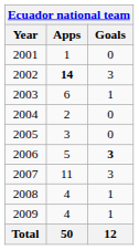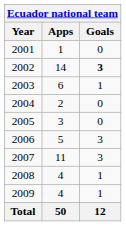 <table class="wikitable" style="text-align:center">
 <tr>
 <th colspan=3><a href='#'>Ecuador national team</a></th>
 </tr>
 <tr>
 <th>Year</th>
 <th>Apps</th>
 <th>Goals</th>
 </tr>
 <tr>
 <td>2001</td>
 <td>1</td>
 <td>0</td>
 </tr>
 <tr>
 <td>2002</td>
-<td><strong>14</strong></td>
-<td>3</td>
+<td>14</td>
+<td><strong>3</strong></td>
 </tr>
 <tr>
 <td>2003</td>
 <td>6</td>
 <td>1</td>
 </tr>
 <tr>
 <td>2004</td>
 <td>2</td>
 <td>0</td>
 </tr>
 <tr>
 <td>2005</td>
 <td>3</td>
 <td>0</td>
 </tr>
 <tr>
 <td>2006</td>
 <td>5</td>
-<td><strong>3</strong></td>
+<td>3</td>
 </tr>
 <tr>
 <td>2007</td>
 <td>11</td>
 <td>3</td>
 </tr>
 <tr>
 <td>2008</td>
 <td>4</td>
 <td>1</td>
 </tr>
 <tr>
 <td>2009</td>
 <td>4</td>
 <td>1</td>
 </tr>
 <tr>
 <th>Total</th>
 <th>50</th>
 <th>12</th>
 </tr>
 </table>
